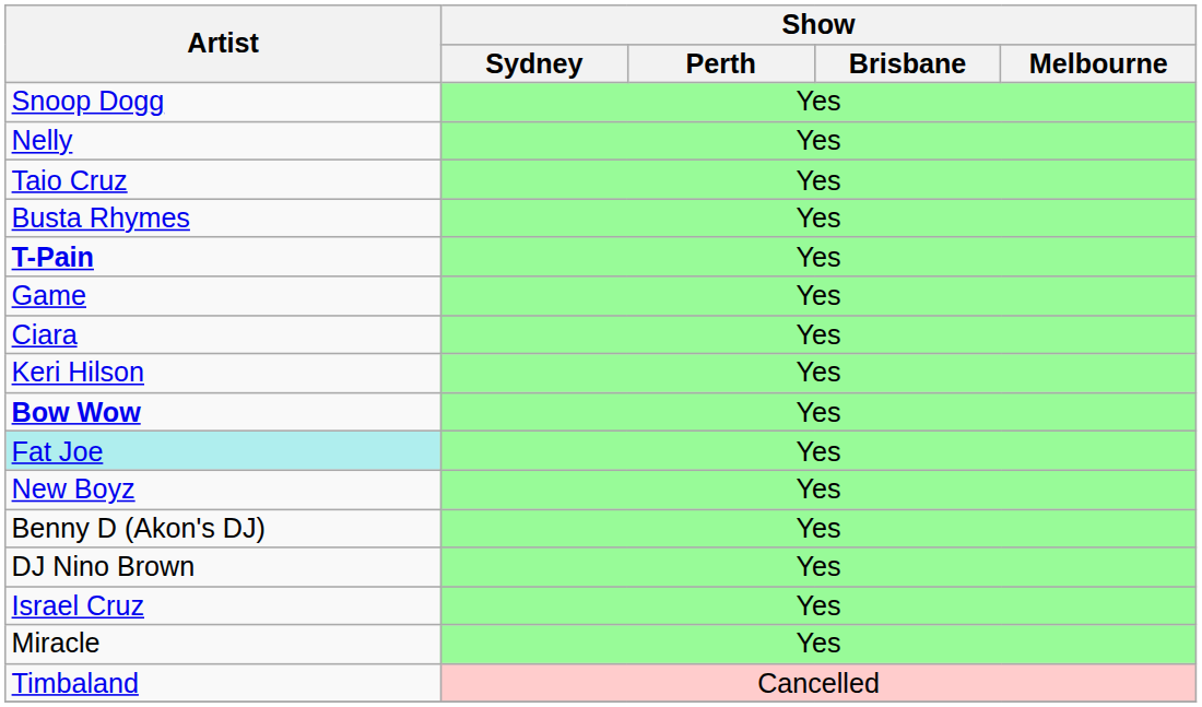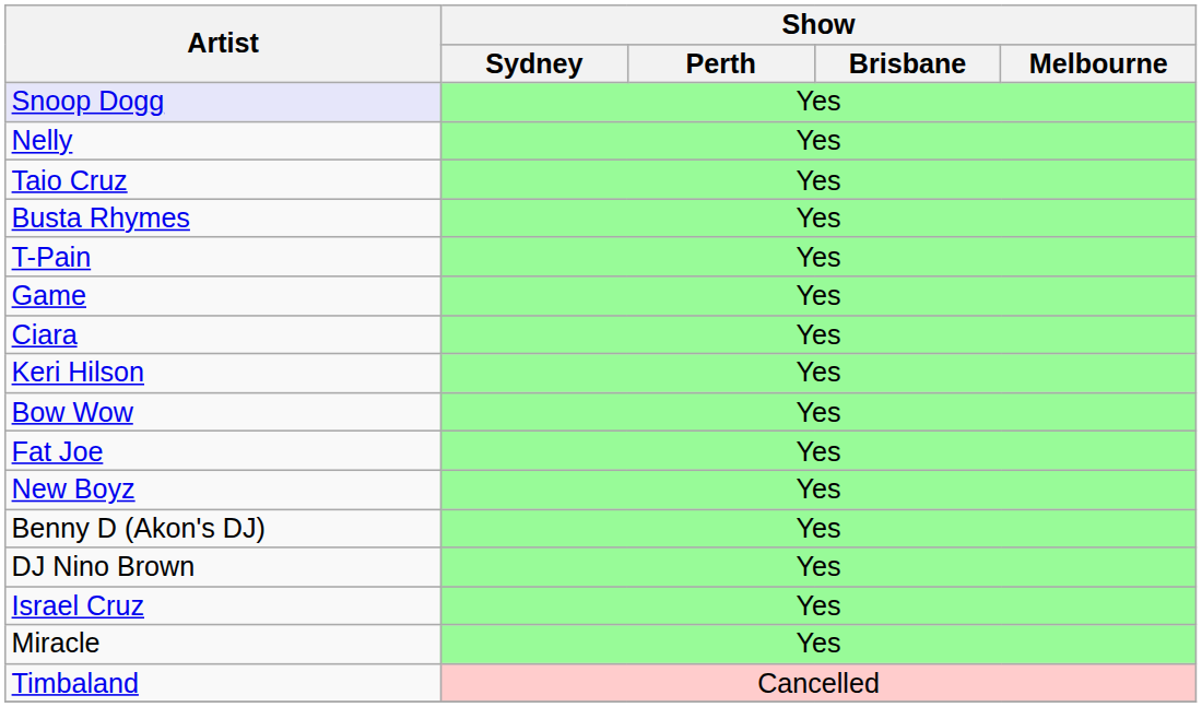 <table class="wikitable" width="55%" style="font-size:1em; line-height:0.95em;">
 <tr>
 <th width=28% rowspan="2">Artist</th>
 <th colspan="5">Show</th>
 </tr>
 <tr>
 <th width=12%>Sydney</th>
 <th width=12%>Perth</th>
 <th width=12%>Brisbane</th>
 <th width=12%>Melbourne</th>
 </tr>
 <tr align=center>
-<td align=left><a href='#'>Snoop Dogg</a></td>
+<td align=left style="background: lavender;"><a href='#'>Snoop Dogg</a></td>
 <td colspan="4" style="background:#98FB98">Yes</td>
 </tr>
 <tr align=center>
 <td align=left><a href='#'>Nelly</a></td>
 <td colspan="4" style="background:#98FB98">Yes</td>
 </tr>
 <tr align=center>
 <td align=left><a href='#'>Taio Cruz</a></td>
 <td colspan="4" style="background:#98FB98">Yes</td>
 </tr>
 <tr align=center>
 <td align=left><a href='#'>Busta Rhymes</a></td>
 <td colspan="4" style="background:#98FB98">Yes</td>
 </tr>
 <tr align=center>
-<td align=left><strong><a href='#'>T-Pain</a></strong></td>
+<td align=left><a href='#'>T-Pain</a></td>
 <td colspan="4" style="background:#98FB98">Yes</td>
 </tr>
 <tr align=center>
 <td align=left><a href='#'>Game</a></td>
 <td colspan="4" style="background:#98FB98">Yes</td>
 </tr>
 <tr align=center>
 <td align=left><a href='#'>Ciara</a></td>
 <td colspan="4" style="background:#98FB98">Yes</td>
 </tr>
 <tr align=center>
 <td align=left><a href='#'>Keri Hilson</a></td>
 <td colspan="4" style="background:#98FB98">Yes</td>
 </tr>
 <tr align=center>
-<td align=left><strong><a href='#'>Bow Wow</a></strong></td>
+<td align=left><a href='#'>Bow Wow</a></td>
 <td colspan="4" style="background:#98FB98">Yes</td>
 </tr>
 <tr align=center>
-<td align=left style="background: paleturquoise;"><a href='#'>Fat Joe</a></td>
+<td align=left><a href='#'>Fat Joe</a></td>
 <td colspan="4" style="background:#98FB98">Yes</td>
 </tr>
 <tr align=center>
 <td align=left><a href='#'>New Boyz</a></td>
 <td colspan="4" style="background:#98FB98">Yes</td>
 </tr>
 <tr align=center>
 <td align=left>Benny D (Akon's DJ)</td>
 <td colspan="4" style="background:#98FB98">Yes</td>
 </tr>
 <tr align=center>
 <td align=left>DJ Nino Brown</td>
 <td colspan="4" style="background:#98FB98">Yes</td>
 </tr>
 <tr align=center>
 <td align=left><a href='#'>Israel Cruz</a></td>
 <td colspan="4" style="background:#98FB98">Yes</td>
 </tr>
 <tr align=center>
 <td align=left>Miracle</td>
 <td colspan="4" style="background:#98FB98">Yes</td>
 </tr>
 <tr align=center>
 <td align=left><a href='#'>Timbaland</a></td>
 <td colspan="4" style="background:#ffcccc">Cancelled</td>
 </tr>
 <tr align=center>
 </tr>
 </table>
